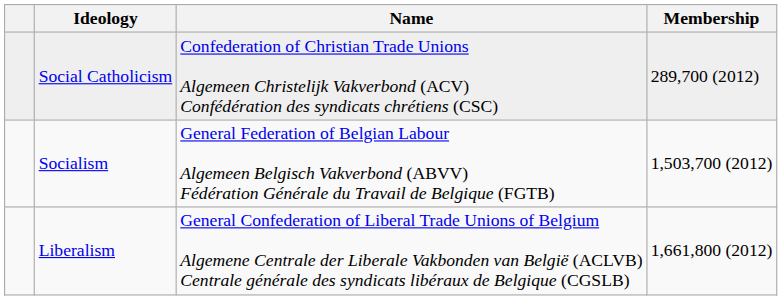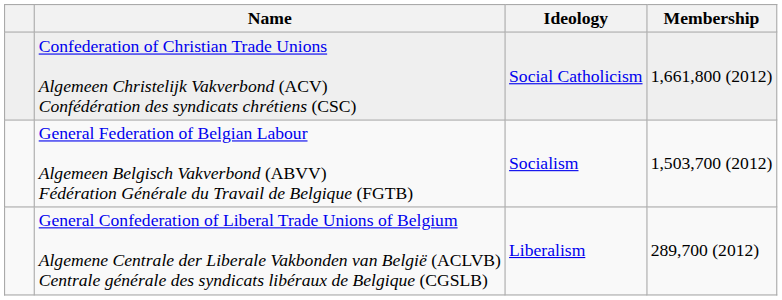 <table class="wikitable sortable">
 <tr>
 <th colspan="1" width=20></th>
+<th>Name</th>
 <th>Ideology</th>
-<th>Name</th>
 <th>Membership</th>
 </tr>
 <tr bgcolor="efefef">
 <td style="background: "></td>
+<td><a href='#'>Confederation of Christian Trade Unions</a><br><br><em>Algemeen Christelijk Vakverbond</em> (ACV)<br><em>Confédération des syndicats chrétiens</em> (CSC)</td>
 <td><a href='#'>Social Catholicism</a></td>
-<td><a href='#'>Confederation of Christian Trade Unions</a><br><br><em>Algemeen Christelijk Vakverbond</em> (ACV)<br><em>Confédération des syndicats chrétiens</em> (CSC)</td>
-<td>289,700 (2012)</td>
+<td>1,661,800 (2012)</td>
 </tr>
 <tr>
 <td style="background: "></td>
+<td><a href='#'>General Federation of Belgian Labour</a><br><br><em>Algemeen Belgisch Vakverbond</em> (ABVV)<br><em>Fédération Générale du Travail de Belgique</em> (FGTB)</td>
 <td><a href='#'>Socialism</a></td>
-<td><a href='#'>General Federation of Belgian Labour</a><br><br><em>Algemeen Belgisch Vakverbond</em> (ABVV)<br><em>Fédération Générale du Travail de Belgique</em> (FGTB)</td>
 <td>1,503,700 (2012)</td>
 </tr>
 <tr>
 <td style="background: "></td>
+<td><a href='#'>General Confederation of Liberal Trade Unions of Belgium</a><br><br><em>Algemene Centrale der Liberale Vakbonden van België</em> (ACLVB)<br><em>Centrale générale des syndicats libéraux de Belgique</em> (CGSLB)</td>
 <td><a href='#'>Liberalism</a></td>
-<td><a href='#'>General Confederation of Liberal Trade Unions of Belgium</a><br><br><em>Algemene Centrale der Liberale Vakbonden van België</em> (ACLVB)<br><em>Centrale générale des syndicats libéraux de Belgique</em> (CGSLB)</td>
-<td>1,661,800 (2012)</td>
+<td>289,700 (2012)</td>
 </tr>
 </table>
